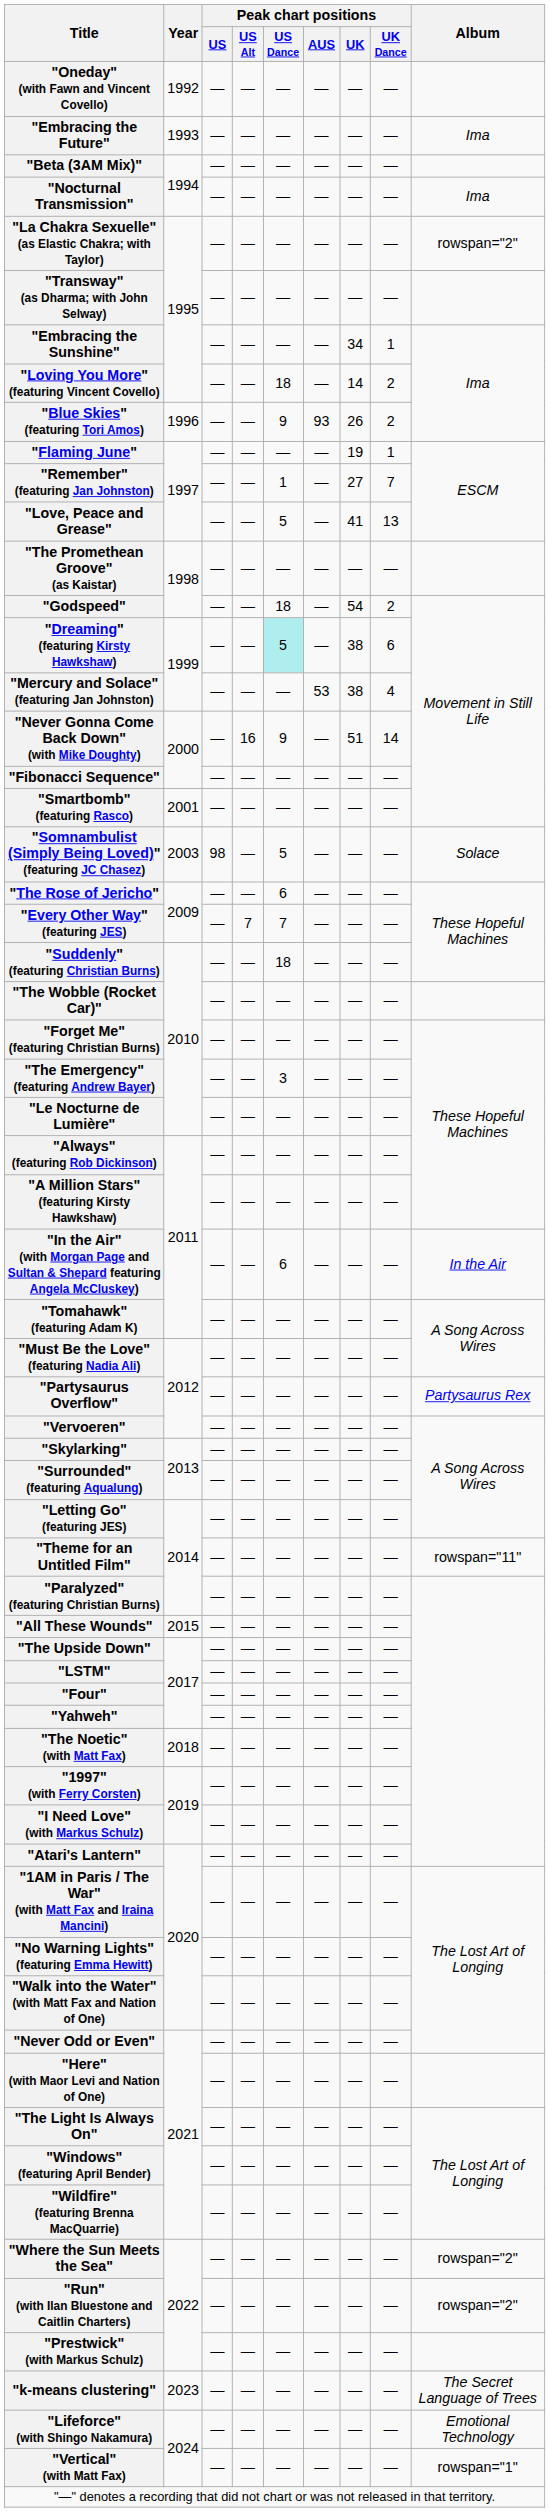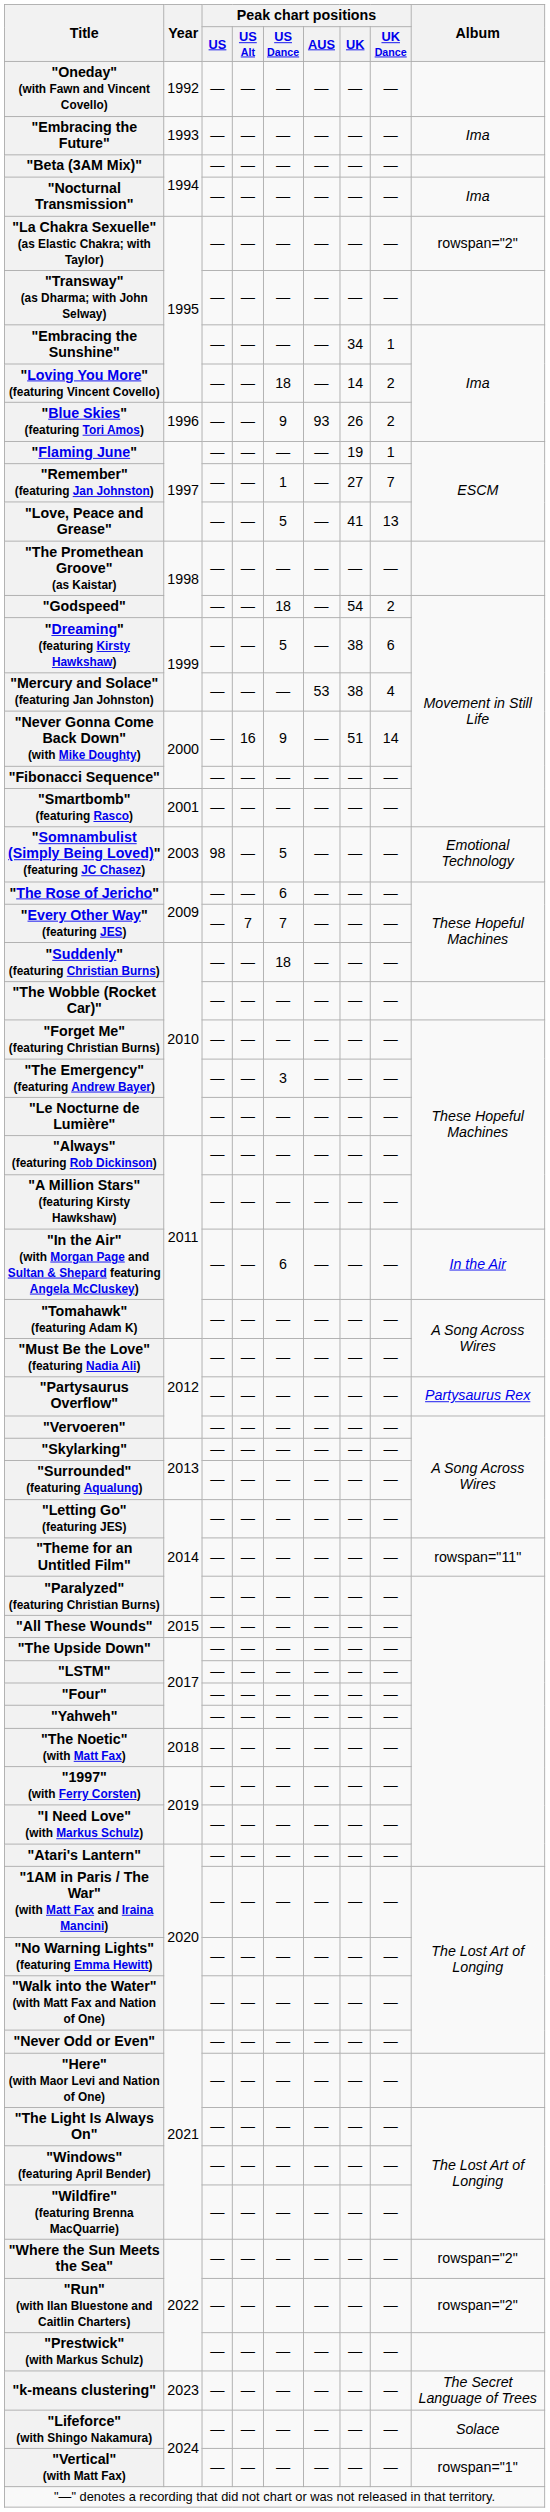 <table class="wikitable plainrowheaders" style="text-align:center;">
 <tr>
 <th rowspan="2" style="width:18em;">Title</th>
 <th rowspan="2">Year</th>
 <th colspan="6">Peak chart positions</th>
 <th rowspan="2" style="width:15em;">Album</th>
 </tr>
 <tr>
 <th scope="col" style="width:3em;font-size:90%;"><a href='#'>US</a><br></th>
 <th scope="col" style="width:3em;font-size:90%;"><a href='#'>US<br><small>Alt</small></a><br></th>
 <th scope="col" style="width:3em;font-size:90%;"><a href='#'>US<br><small>Dance</small></a><br></th>
 <th scope="col" style="width:3em;font-size:90%;"><a href='#'>AUS</a><br></th>
 <th scope="col" style="width:3em;font-size:90%;"><a href='#'>UK</a><br></th>
 <th scope="col" style="width:3em;font-size:90%;"><a href='#'>UK<br><small>Dance</small></a><br></th>
 </tr>
 <tr>
 <th scope="row">"Oneday"<br><small>(with Fawn and Vincent Covello)</small></th>
 <td>1992</td>
 <td>—</td>
 <td>—</td>
 <td>—</td>
 <td>—</td>
 <td>—</td>
 <td>—</td>
 <td></td>
 </tr>
 <tr>
 <th scope="row">"Embracing the Future"</th>
 <td>1993</td>
 <td>—</td>
 <td>—</td>
 <td>—</td>
 <td>—</td>
 <td>—</td>
 <td>—</td>
 <td><em>Ima</em></td>
 </tr>
 <tr>
 <th scope="row">"Beta (3AM Mix)"</th>
 <td rowspan="2">1994</td>
 <td>—</td>
 <td>—</td>
 <td>—</td>
 <td>—</td>
 <td>—</td>
 <td>—</td>
 <td></td>
 </tr>
 <tr>
 <th scope="row">"Nocturnal Transmission"</th>
 <td>—</td>
 <td>—</td>
 <td>—</td>
 <td>—</td>
 <td>—</td>
 <td>—</td>
 <td><em>Ima</em></td>
 </tr>
 <tr>
 <th scope="row">"La Chakra Sexuelle"<br><small>(as Elastic Chakra; with Taylor)</small></th>
 <td rowspan="4">1995</td>
 <td>—</td>
 <td>—</td>
 <td>—</td>
 <td>—</td>
 <td>—</td>
 <td>—</td>
 <td>rowspan="2" </td>
 </tr>
 <tr>
 <th scope="row">"Transway"<br><small>(as Dharma; with John Selway)</small></th>
 <td>—</td>
 <td>—</td>
 <td>—</td>
 <td>—</td>
 <td>—</td>
 <td>—</td>
 </tr>
 <tr>
 <th scope="row">"Embracing the Sunshine"</th>
 <td>—</td>
 <td>—</td>
 <td>—</td>
 <td>—</td>
 <td>34</td>
 <td>1</td>
 <td rowspan="3"><em>Ima</em></td>
 </tr>
 <tr>
 <th scope="row">"<a href='#'>Loving You More</a>"<br><small>(featuring Vincent Covello)</small></th>
 <td>—</td>
 <td>—</td>
 <td>18</td>
 <td>—</td>
 <td>14</td>
 <td>2</td>
 </tr>
 <tr>
 <th scope="row">"<a href='#'>Blue Skies</a>"<br><small>(featuring <a href='#'>Tori Amos</a>)</small></th>
 <td>1996</td>
 <td>—</td>
 <td>—</td>
 <td>9</td>
 <td>93</td>
 <td>26</td>
 <td>2</td>
 </tr>
 <tr>
 <th scope="row">"<a href='#'>Flaming June</a>"</th>
 <td rowspan="3">1997</td>
 <td>—</td>
 <td>—</td>
 <td>—</td>
 <td>—</td>
 <td>19</td>
 <td>1</td>
 <td rowspan="3"><em>ESCM</em></td>
 </tr>
 <tr>
 <th scope="row">"Remember"<br><small>(featuring <a href='#'>Jan Johnston</a>)</small></th>
 <td>—</td>
 <td>—</td>
 <td>1</td>
 <td>—</td>
 <td>27</td>
 <td>7</td>
 </tr>
 <tr>
 <th scope="row">"Love, Peace and Grease"</th>
 <td>—</td>
 <td>—</td>
 <td>5</td>
 <td>—</td>
 <td>41</td>
 <td>13</td>
 </tr>
 <tr>
 <th scope="row">"The Promethean Groove"<br><small>(as Kaistar)</small></th>
 <td rowspan="2">1998</td>
 <td>—</td>
 <td>—</td>
 <td>—</td>
 <td>—</td>
 <td>—</td>
 <td>—</td>
 <td></td>
 </tr>
 <tr>
 <th scope="row">"Godspeed"</th>
 <td>—</td>
 <td>—</td>
 <td>18</td>
 <td>—</td>
 <td>54</td>
 <td>2</td>
 <td rowspan="6"><em>Movement in Still Life</em></td>
 </tr>
 <tr>
 <th scope="row">"<a href='#'>Dreaming</a>"<br><small>(featuring <a href='#'>Kirsty Hawkshaw</a>)</small></th>
 <td rowspan="2">1999</td>
 <td>—</td>
 <td>—</td>
-<td style="background: paleturquoise;">5</td>
+<td>5</td>
 <td>—</td>
 <td>38</td>
 <td>6</td>
 </tr>
 <tr>
 <th scope="row">"Mercury and Solace"<br><small>(featuring Jan Johnston)</small></th>
 <td>—</td>
 <td>—</td>
 <td>—</td>
 <td>53</td>
 <td>38</td>
 <td>4</td>
 </tr>
 <tr>
 <th scope="row">"Never Gonna Come Back Down"<br><small>(with <a href='#'>Mike Doughty</a>)</small></th>
 <td rowspan="2">2000</td>
 <td>—</td>
 <td>16</td>
 <td>9</td>
 <td>—</td>
 <td>51</td>
 <td>14</td>
 </tr>
 <tr>
 <th scope="row">"Fibonacci Sequence"</th>
 <td>—</td>
 <td>—</td>
 <td>—</td>
 <td>—</td>
 <td>—</td>
 <td>—</td>
 </tr>
 <tr>
 <th scope="row">"Smartbomb"<br><small>(featuring <a href='#'>Rasco</a>)</small></th>
 <td>2001</td>
 <td>—</td>
 <td>—</td>
 <td>—</td>
 <td>—</td>
 <td>—</td>
 <td>—</td>
 </tr>
 <tr>
 <th scope="row">"<a href='#'>Somnambulist (Simply Being Loved)</a>"<br><small>(featuring <a href='#'>JC Chasez</a>)</small></th>
 <td>2003</td>
 <td>98</td>
 <td>—</td>
 <td>5</td>
 <td>—</td>
 <td>—</td>
 <td>—</td>
-<td><em>Solace</em></td>
+<td><em>Emotional Technology</em></td>
 </tr>
 <tr>
 <th scope="row">"<a href='#'>The Rose of Jericho</a>"</th>
 <td rowspan="2">2009</td>
 <td>—</td>
 <td>—</td>
 <td>6</td>
 <td>—</td>
 <td>—</td>
 <td>—</td>
 <td rowspan="3"><em>These Hopeful Machines</em></td>
 </tr>
 <tr>
 <th scope="row">"<a href='#'>Every Other Way</a>"<br><small>(featuring <a href='#'>JES</a>)</small></th>
 <td>—</td>
 <td>7</td>
 <td>7</td>
 <td>—</td>
 <td>—</td>
 <td>—</td>
 </tr>
 <tr>
 <th scope="row">"<a href='#'>Suddenly</a>"<br><small>(featuring <a href='#'>Christian Burns</a>)</small></th>
 <td rowspan="5">2010</td>
 <td>—</td>
 <td>—</td>
 <td>18</td>
 <td>—</td>
 <td>—</td>
 <td>—</td>
 </tr>
 <tr>
 <th scope="row">"The Wobble (Rocket Car)"</th>
 <td>—</td>
 <td>—</td>
 <td>—</td>
 <td>—</td>
 <td>—</td>
 <td>—</td>
 <td></td>
 </tr>
 <tr>
 <th scope="row">"Forget Me"<br><small>(featuring Christian Burns)</small></th>
 <td>—</td>
 <td>—</td>
 <td>—</td>
 <td>—</td>
 <td>—</td>
 <td>—</td>
 <td rowspan="5"><em>These Hopeful Machines</em></td>
 </tr>
 <tr>
 <th scope="row">"The Emergency"<br><small>(featuring <a href='#'>Andrew Bayer</a>)</small></th>
 <td>—</td>
 <td>—</td>
 <td>3</td>
 <td>—</td>
 <td>—</td>
 <td>—</td>
 </tr>
 <tr>
 <th scope="row">"Le Nocturne de Lumière"</th>
 <td>—</td>
 <td>—</td>
 <td>—</td>
 <td>—</td>
 <td>—</td>
 <td>—</td>
 </tr>
 <tr>
 <th scope="row">"Always"<br><small>(featuring <a href='#'>Rob Dickinson</a>)</small></th>
 <td rowspan="4">2011</td>
 <td>—</td>
 <td>—</td>
 <td>—</td>
 <td>—</td>
 <td>—</td>
 <td>—</td>
 </tr>
 <tr>
 <th scope="row">"A Million Stars"<br><small>(featuring Kirsty Hawkshaw)</small></th>
 <td>—</td>
 <td>—</td>
 <td>—</td>
 <td>—</td>
 <td>—</td>
 <td>—</td>
 </tr>
 <tr>
 <th scope="row">"In the Air"<br><small>(with <a href='#'>Morgan Page</a> and <a href='#'>Sultan & Shepard</a> featuring <a href='#'>Angela McCluskey</a>)</small></th>
 <td>—</td>
 <td>—</td>
 <td>6</td>
 <td>—</td>
 <td>—</td>
 <td>—</td>
 <td><em><a href='#'>In the Air</a></em></td>
 </tr>
 <tr>
 <th scope="row">"Tomahawk"<br><small>(featuring Adam K)</small></th>
 <td>—</td>
 <td>—</td>
 <td>—</td>
 <td>—</td>
 <td>—</td>
 <td>—</td>
 <td rowspan="2"><em>A Song Across Wires</em></td>
 </tr>
 <tr>
 <th scope="row">"Must Be the Love"<br><small>(featuring <a href='#'>Nadia Ali</a>)</small></th>
 <td rowspan="3">2012</td>
 <td>—</td>
 <td>—</td>
 <td>—</td>
 <td>—</td>
 <td>—</td>
 <td>—</td>
 </tr>
 <tr>
 <th scope="row">"Partysaurus Overflow"</th>
 <td>—</td>
 <td>—</td>
 <td>—</td>
 <td>—</td>
 <td>—</td>
 <td>—</td>
 <td><em><a href='#'>Partysaurus Rex</a></em></td>
 </tr>
 <tr>
 <th scope="row">"Vervoeren"</th>
 <td>—</td>
 <td>—</td>
 <td>—</td>
 <td>—</td>
 <td>—</td>
 <td>—</td>
 <td rowspan="4"><em>A Song Across Wires</em></td>
 </tr>
 <tr>
 <th scope="row">"Skylarking"</th>
 <td rowspan="2">2013</td>
 <td>—</td>
 <td>—</td>
 <td>—</td>
 <td>—</td>
 <td>—</td>
 <td>—</td>
 </tr>
 <tr>
 <th scope="row">"Surrounded"<br><small>(featuring <a href='#'>Aqualung</a>)</small></th>
 <td>—</td>
 <td>—</td>
 <td>—</td>
 <td>—</td>
 <td>—</td>
 <td>—</td>
 </tr>
 <tr>
 <th scope="row">"Letting Go"<br><small>(featuring JES)</small></th>
 <td rowspan="3">2014</td>
 <td>—</td>
 <td>—</td>
 <td>—</td>
 <td>—</td>
 <td>—</td>
 <td>—</td>
 </tr>
 <tr>
 <th scope="row">"Theme for an Untitled Film"</th>
 <td>—</td>
 <td>—</td>
 <td>—</td>
 <td>—</td>
 <td>—</td>
 <td>—</td>
 <td>rowspan="11" </td>
 </tr>
 <tr>
 <th scope="row">"Paralyzed"<br><small>(featuring Christian Burns)</small></th>
 <td>—</td>
 <td>—</td>
 <td>—</td>
 <td>—</td>
 <td>—</td>
 <td>—</td>
 </tr>
 <tr>
 <th scope="row">"All These Wounds"</th>
 <td>2015</td>
 <td>—</td>
 <td>—</td>
 <td>—</td>
 <td>—</td>
 <td>—</td>
 <td>—</td>
 </tr>
 <tr>
 <th scope="row">"The Upside Down"</th>
 <td rowspan="4">2017</td>
 <td>—</td>
 <td>—</td>
 <td>—</td>
 <td>—</td>
 <td>—</td>
 <td>—</td>
 </tr>
 <tr>
 <th scope="row">"LSTM"</th>
 <td>—</td>
 <td>—</td>
 <td>—</td>
 <td>—</td>
 <td>—</td>
 <td>—</td>
 </tr>
 <tr>
 <th scope="row">"Four"</th>
 <td>—</td>
 <td>—</td>
 <td>—</td>
 <td>—</td>
 <td>—</td>
 <td>—</td>
 </tr>
 <tr>
 <th scope="row">"Yahweh"</th>
 <td>—</td>
 <td>—</td>
 <td>—</td>
 <td>—</td>
 <td>—</td>
 <td>—</td>
 </tr>
 <tr>
 <th scope="row">"The Noetic" <br><small>(with <a href='#'>Matt Fax</a>)</small></th>
 <td>2018</td>
 <td>—</td>
 <td>—</td>
 <td>—</td>
 <td>—</td>
 <td>—</td>
 <td>—</td>
 </tr>
 <tr>
 <th scope="row">"1997" <br><small>(with <a href='#'>Ferry Corsten</a>)</small></th>
 <td rowspan="2">2019</td>
 <td>—</td>
 <td>—</td>
 <td>—</td>
 <td>—</td>
 <td>—</td>
 <td>—</td>
 </tr>
 <tr>
 <th scope="row">"I Need Love" <br><small>(with <a href='#'>Markus Schulz</a>)</small></th>
 <td>—</td>
 <td>—</td>
 <td>—</td>
 <td>—</td>
 <td>—</td>
 <td>—</td>
 </tr>
 <tr>
 <th scope="row">"Atari's Lantern"</th>
 <td rowspan="4">2020</td>
 <td>—</td>
 <td>—</td>
 <td>—</td>
 <td>—</td>
 <td>—</td>
 <td>—</td>
 </tr>
 <tr>
 <th scope="row">"1AM in Paris / The War" <br><small>(with <a href='#'>Matt Fax</a> and <a href='#'>Iraina Mancini</a>)</small></th>
 <td>—</td>
 <td>—</td>
 <td>—</td>
 <td>—</td>
 <td>—</td>
 <td>—</td>
 <td rowspan="4"><em>The Lost Art of Longing</em></td>
 </tr>
 <tr>
 <th scope="row">"No Warning Lights" <br><small>(featuring <a href='#'>Emma Hewitt</a>)</small></th>
 <td>—</td>
 <td>—</td>
 <td>—</td>
 <td>—</td>
 <td>—</td>
 <td>—</td>
 </tr>
 <tr>
 <th scope="row">"Walk into the Water" <br><small>(with Matt Fax and Nation of One)</small></th>
 <td>—</td>
 <td>—</td>
 <td>—</td>
 <td>—</td>
 <td>—</td>
 <td>—</td>
 </tr>
 <tr>
 <th scope="row">"Never Odd or Even"</th>
 <td rowspan="5">2021</td>
 <td>—</td>
 <td>—</td>
 <td>—</td>
 <td>—</td>
 <td>—</td>
 <td>—</td>
 </tr>
 <tr>
 <th scope="row">"Here" <br><small>(with Maor Levi and Nation of One)</small></th>
 <td>—</td>
 <td>—</td>
 <td>—</td>
 <td>—</td>
 <td>—</td>
 <td>—</td>
 <td></td>
 </tr>
 <tr>
 <th scope="row">"The Light Is Always On"</th>
 <td>—</td>
 <td>—</td>
 <td>—</td>
 <td>—</td>
 <td>—</td>
 <td>—</td>
 <td rowspan="3"><em>The Lost Art of Longing</em></td>
 </tr>
 <tr>
 <th scope="row">"Windows" <br><small>(featuring April Bender)</small></th>
 <td>—</td>
 <td>—</td>
 <td>—</td>
 <td>—</td>
 <td>—</td>
 <td>—</td>
 </tr>
 <tr>
 <th scope="row">"Wildfire" <br><small>(featuring Brenna MacQuarrie)</small></th>
 <td>—</td>
 <td>—</td>
 <td>—</td>
 <td>—</td>
 <td>—</td>
 <td>—</td>
 </tr>
 <tr>
 <th scope="row">"Where the Sun Meets the Sea"</th>
 <td rowspan="3">2022</td>
 <td>—</td>
 <td>—</td>
 <td>—</td>
 <td>—</td>
 <td>—</td>
 <td>—</td>
 <td>rowspan="2" </td>
 </tr>
 <tr>
 <th scope="row">"Run" <br><small>(with Ilan Bluestone and Caitlin Charters)</small></th>
 <td>—</td>
 <td>—</td>
 <td>—</td>
 <td>—</td>
 <td>—</td>
 <td>—</td>
 <td>rowspan="2" </td>
 </tr>
 <tr>
 <th scope="row">"Prestwick" <br><small>(with Markus Schulz)</small></th>
 <td>—</td>
 <td>—</td>
 <td>—</td>
 <td>—</td>
 <td>—</td>
 <td>—</td>
 </tr>
 <tr>
 <th scope="row">"k-means clustering"</th>
 <td>2023</td>
 <td>—</td>
 <td>—</td>
 <td>—</td>
 <td>—</td>
 <td>—</td>
 <td>—</td>
 <td><em>The Secret Language of Trees</em></td>
 </tr>
 <tr>
 <th scope="row">"Lifeforce" <br><small>(with Shingo Nakamura)</small></th>
 <td rowspan="2">2024</td>
 <td>—</td>
 <td>—</td>
 <td>—</td>
 <td>—</td>
 <td>—</td>
 <td>—</td>
-<td><em>Emotional Technology</em></td>
+<td><em>Solace</em></td>
 </tr>
 <tr>
 <th scope="row">"Vertical" <br><small>(with Matt Fax)</small></th>
 <td>—</td>
 <td>—</td>
 <td>—</td>
 <td>—</td>
 <td>—</td>
 <td>—</td>
 <td>rowspan="1" </td>
 </tr>
 <tr>
 <td colspan="11" style="font-size:90%" align="center">"—" denotes a recording that did not chart or was not released in that territory.</td>
 </tr>
 </table>
